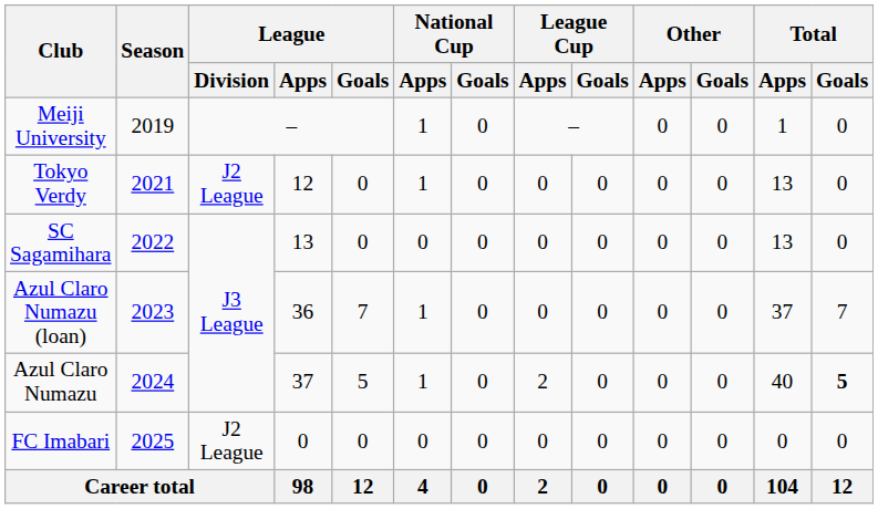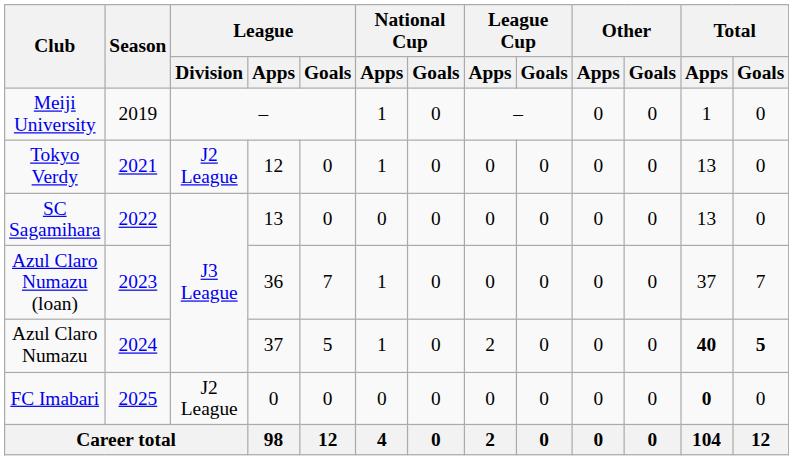 <table class="wikitable" style="text-align: center">
 <tr>
 <th rowspan="2">Club</th>
 <th rowspan="2">Season</th>
 <th colspan="3">League</th>
 <th colspan="2">National Cup</th>
 <th colspan="2">League Cup</th>
 <th colspan="2">Other</th>
 <th colspan="2">Total</th>
 </tr>
 <tr>
 <th>Division</th>
 <th>Apps</th>
 <th>Goals</th>
 <th>Apps</th>
 <th>Goals</th>
 <th>Apps</th>
 <th>Goals</th>
 <th>Apps</th>
 <th>Goals</th>
 <th>Apps</th>
 <th>Goals</th>
 </tr>
 <tr>
 <td><a href='#'>Meiji University</a></td>
 <td>2019</td>
 <td colspan="3">–</td>
 <td>1</td>
 <td>0</td>
 <td colspan="2">–</td>
 <td>0</td>
 <td>0</td>
 <td>1</td>
 <td>0</td>
 </tr>
 <tr>
 <td><a href='#'>Tokyo Verdy</a></td>
 <td><a href='#'>2021</a></td>
 <td><a href='#'>J2 League</a></td>
 <td>12</td>
 <td>0</td>
 <td>1</td>
 <td>0</td>
 <td>0</td>
 <td>0</td>
 <td>0</td>
 <td>0</td>
 <td>13</td>
 <td>0</td>
 </tr>
 <tr>
 <td><a href='#'>SC Sagamihara</a></td>
 <td><a href='#'>2022</a></td>
 <td rowspan="3"><a href='#'>J3 League</a></td>
 <td>13</td>
 <td>0</td>
 <td>0</td>
 <td>0</td>
 <td>0</td>
 <td>0</td>
 <td>0</td>
 <td>0</td>
 <td>13</td>
 <td>0</td>
 </tr>
 <tr>
 <td><a href='#'>Azul Claro Numazu</a> (loan)</td>
 <td><a href='#'>2023</a></td>
 <td>36</td>
 <td>7</td>
 <td>1</td>
 <td>0</td>
 <td>0</td>
 <td>0</td>
 <td>0</td>
 <td>0</td>
 <td>37</td>
 <td>7</td>
 </tr>
 <tr>
 <td>Azul Claro Numazu</td>
 <td><a href='#'>2024</a></td>
 <td>37</td>
 <td>5</td>
 <td>1</td>
 <td>0</td>
 <td>2</td>
 <td>0</td>
 <td>0</td>
 <td>0</td>
-<td>40</td>
+<td><strong>40</strong></td>
 <td><strong>5</strong></td>
 </tr>
 <tr>
 <td><a href='#'>FC Imabari</a></td>
 <td><a href='#'>2025</a></td>
 <td>J2 League</td>
 <td>0</td>
 <td>0</td>
 <td>0</td>
 <td>0</td>
 <td>0</td>
 <td>0</td>
 <td>0</td>
 <td>0</td>
-<td>0</td>
+<td><strong>0</strong></td>
 <td>0</td>
 </tr>
 <tr>
 <th colspan=3>Career total</th>
 <th>98</th>
 <th>12</th>
 <th>4</th>
 <th>0</th>
 <th>2</th>
 <th>0</th>
 <th>0</th>
 <th>0</th>
 <th>104</th>
 <th>12</th>
 </tr>
 </table>
